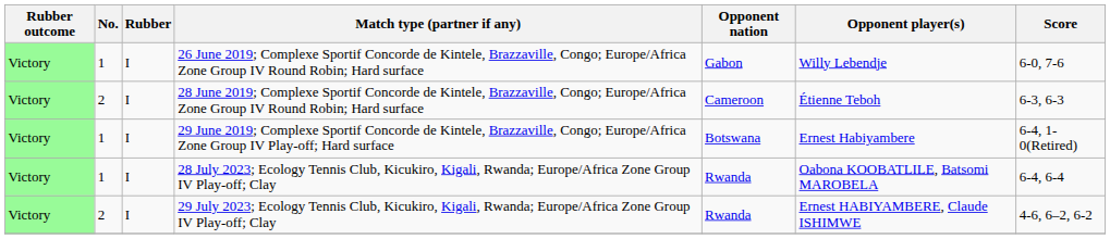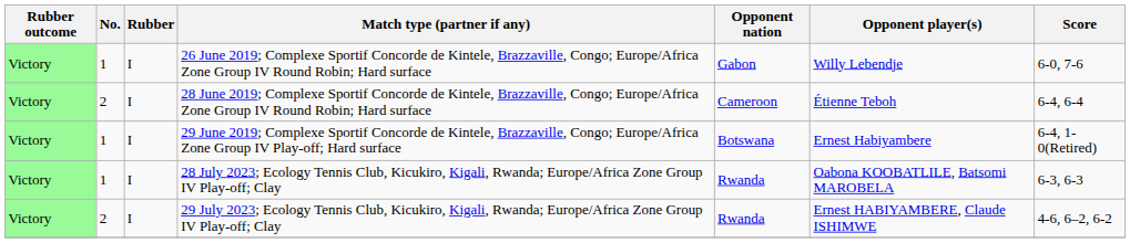 <table class=wikitable>
 <tr>
 <th>Rubber outcome</th>
 <th>No.</th>
 <th>Rubber</th>
 <th>Match type (partner if any)</th>
 <th>Opponent nation</th>
 <th>Opponent player(s)</th>
 <th>Score</th>
 </tr>
 <tr>
 <td bgcolor=98FB98>Victory</td>
 <td>1</td>
 <td>I</td>
 <td><a href='#'>26 June 2019</a>; Complexe Sportif Concorde de Kintele, <a href='#'>Brazzaville</a>, Congo; Europe/Africa Zone Group IV Round Robin; Hard surface</td>
 <td> <a href='#'>Gabon</a></td>
 <td><a href='#'>Willy Lebendje</a></td>
 <td>6-0, 7-6</td>
 </tr>
 <tr>
 <td bgcolor=98FB98>Victory</td>
 <td>2</td>
 <td>I</td>
 <td><a href='#'>28 June 2019</a>; Complexe Sportif Concorde de Kintele, <a href='#'>Brazzaville</a>, Congo; Europe/Africa Zone Group IV Round Robin; Hard surface</td>
 <td> <a href='#'>Cameroon</a></td>
 <td><a href='#'>Étienne Teboh</a></td>
-<td>6-3, 6-3</td>
+<td>6-4, 6-4</td>
 </tr>
 <tr>
 <td bgcolor=98FB98>Victory</td>
 <td>1</td>
 <td>I</td>
 <td><a href='#'>29 June 2019</a>; Complexe Sportif Concorde de Kintele, <a href='#'>Brazzaville</a>, Congo; Europe/Africa Zone Group IV Play-off; Hard surface</td>
 <td> <a href='#'>Botswana</a></td>
 <td><a href='#'>Ernest Habiyambere</a></td>
 <td>6-4, 1-0(Retired)</td>
 </tr>
 <tr>
 <td bgcolor=98FB98>Victory</td>
 <td>1</td>
 <td>I</td>
 <td><a href='#'>28 July 2023</a>; Ecology Tennis Club, Kicukiro, <a href='#'>Kigali</a>, Rwanda; Europe/Africa Zone Group IV Play-off; Clay</td>
 <td> <a href='#'>Rwanda</a></td>
 <td><a href='#'>Oabona KOOBATLILE</a>, <a href='#'>Batsomi MAROBELA</a></td>
-<td>6-4, 6-4</td>
+<td>6-3, 6-3</td>
 </tr>
 <tr>
 <td bgcolor=98FB98>Victory</td>
 <td>2</td>
 <td>I</td>
 <td><a href='#'>29 July 2023</a>; Ecology Tennis Club, Kicukiro, <a href='#'>Kigali</a>, Rwanda; Europe/Africa Zone Group IV Play-off; Clay</td>
 <td> <a href='#'>Rwanda</a></td>
 <td><a href='#'>Ernest HABIYAMBERE</a>, <a href='#'>Claude ISHIMWE</a></td>
 <td>4-6, 6–2, 6-2</td>
 </tr>
 <tr>
 </tr>
 </table>
